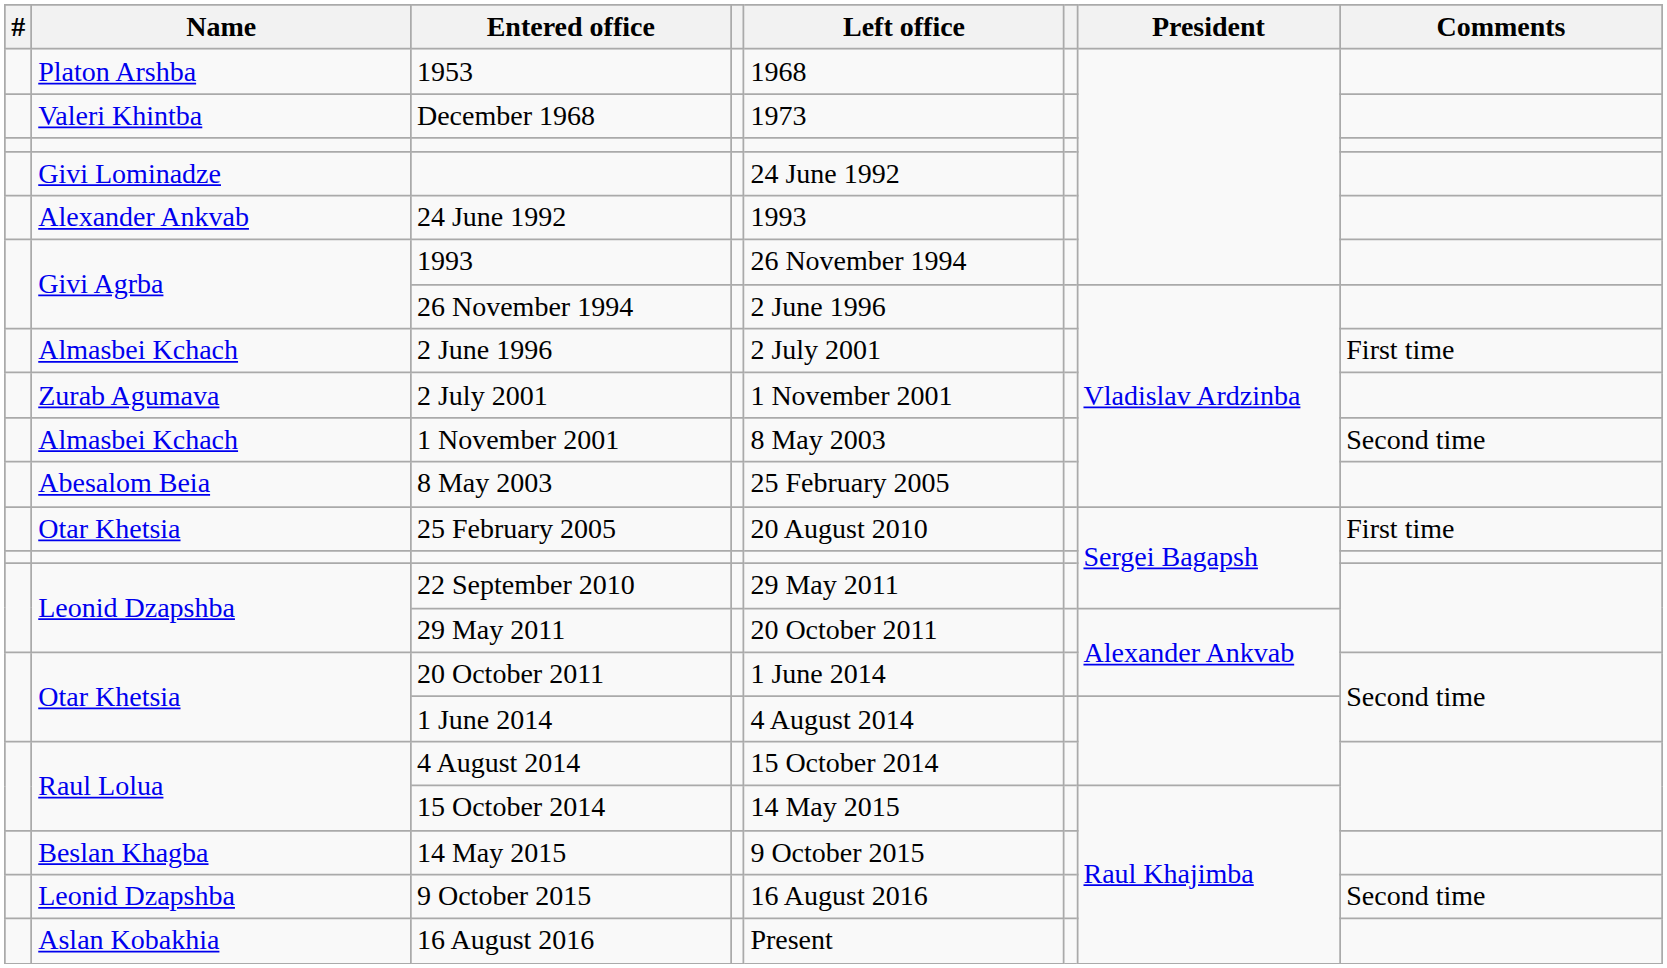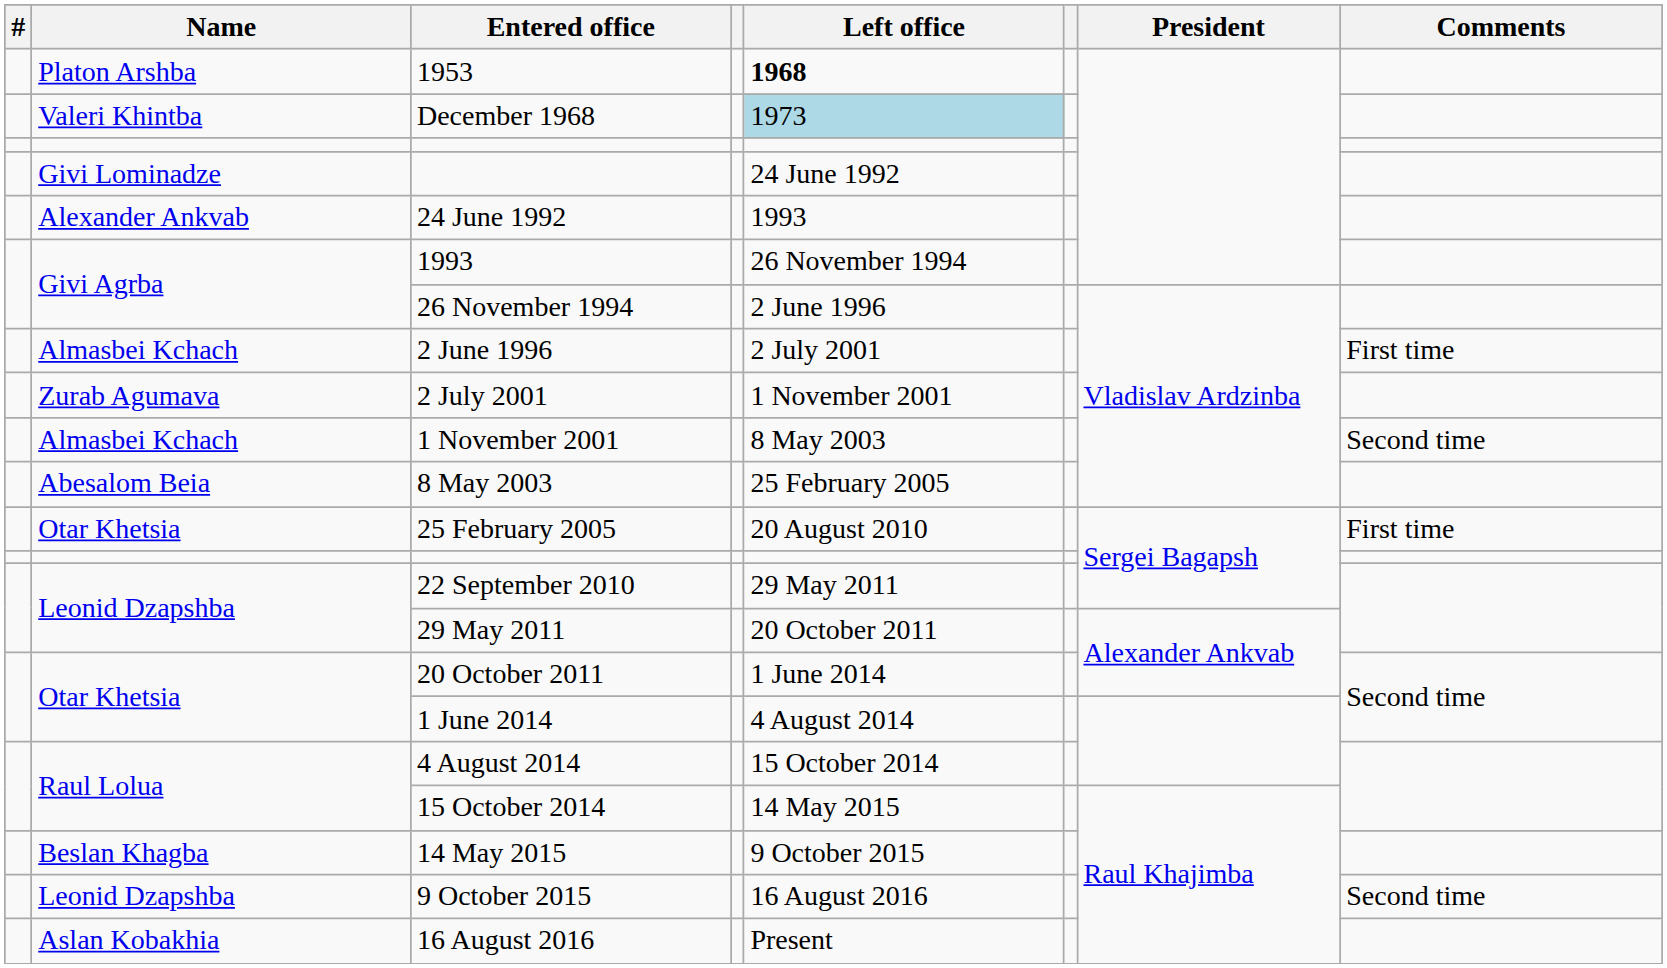 <table class="wikitable" width=75% cellpadding="2">
 <tr style="background-color:#E9E9E9; font-weight:bold" align=left>
 <th>#</th>
 <th width=240>Name</th>
 <th width=200>Entered office</th>
 <th></th>
 <th width=200>Left office</th>
 <th></th>
 <th width=160>President</th>
 <th width=200>Comments</th>
 </tr>
 <tr>
 <td></td>
 <td><a href='#'>Platon Arshba</a></td>
 <td>1953</td>
 <td></td>
-<td>1968</td>
+<td><strong>1968</strong></td>
 <td></td>
 <td rowspan=6></td>
 <td></td>
 </tr>
 <tr>
 <td></td>
 <td><a href='#'>Valeri Khintba</a></td>
 <td>December 1968</td>
 <td></td>
-<td>1973</td>
+<td style="background: lightblue;">1973</td>
 <td></td>
 <td></td>
 </tr>
 <tr>
 <td></td>
 <td></td>
 <td></td>
 <td></td>
 <td></td>
 <td></td>
 <td></td>
 </tr>
 <tr>
 <td></td>
 <td><a href='#'>Givi Lominadze</a></td>
 <td></td>
 <td></td>
 <td>24 June 1992</td>
 <td></td>
 <td></td>
 </tr>
 <tr>
 <td></td>
 <td><a href='#'>Alexander Ankvab</a></td>
 <td>24 June 1992</td>
 <td></td>
 <td>1993</td>
 <td></td>
 <td></td>
 </tr>
 <tr>
 <td rowspan=2></td>
 <td rowspan=2><a href='#'>Givi Agrba</a></td>
 <td>1993</td>
 <td></td>
 <td>26 November 1994</td>
 <td></td>
 <td></td>
 </tr>
 <tr>
 <td>26 November 1994</td>
 <td></td>
 <td>2 June 1996</td>
 <td></td>
 <td rowspan=5><a href='#'>Vladislav Ardzinba</a></td>
 <td></td>
 </tr>
 <tr>
 <td></td>
 <td><a href='#'>Almasbei Kchach</a></td>
 <td>2 June 1996</td>
 <td></td>
 <td>2 July 2001</td>
 <td></td>
 <td>First time</td>
 </tr>
 <tr>
 <td></td>
 <td><a href='#'>Zurab Agumava</a></td>
 <td>2 July 2001</td>
 <td></td>
 <td>1 November 2001</td>
 <td></td>
 <td></td>
 </tr>
 <tr>
 <td></td>
 <td><a href='#'>Almasbei Kchach</a></td>
 <td>1 November 2001</td>
 <td></td>
 <td>8 May 2003</td>
 <td></td>
 <td>Second time</td>
 </tr>
 <tr>
 <td></td>
 <td><a href='#'>Abesalom Beia</a></td>
 <td>8 May 2003</td>
 <td></td>
 <td>25 February 2005</td>
 <td></td>
 <td></td>
 </tr>
 <tr>
 <td></td>
 <td><a href='#'>Otar Khetsia</a></td>
 <td>25 February 2005</td>
 <td></td>
 <td>20 August 2010</td>
 <td></td>
 <td rowspan=3><a href='#'>Sergei Bagapsh</a></td>
 <td>First time</td>
 </tr>
 <tr>
 <td></td>
 <td><em></em></td>
 <td><em></em></td>
 <td><em></em></td>
 <td><em></em></td>
 <td><em></em></td>
 <td><em></em></td>
 </tr>
 <tr>
 <td rowspan=2></td>
 <td rowspan=2><a href='#'>Leonid Dzapshba</a></td>
 <td>22 September 2010</td>
 <td></td>
 <td>29 May 2011</td>
 <td></td>
 <td rowspan=2></td>
 </tr>
 <tr>
 <td>29 May 2011</td>
 <td></td>
 <td>20 October 2011</td>
 <td></td>
 <td rowspan=2><a href='#'>Alexander Ankvab</a></td>
 </tr>
 <tr>
 <td rowspan=2></td>
 <td rowspan=2><a href='#'>Otar Khetsia</a></td>
 <td>20 October 2011</td>
 <td></td>
 <td>1 June 2014</td>
 <td></td>
 <td rowspan=2>Second time</td>
 </tr>
 <tr>
 <td>1 June 2014</td>
 <td></td>
 <td>4 August 2014</td>
 <td></td>
 <td rowspan=2><em></em></td>
 </tr>
 <tr>
 <td rowspan=2></td>
 <td rowspan=2><a href='#'>Raul Lolua</a></td>
 <td>4 August 2014</td>
 <td></td>
 <td>15 October 2014</td>
 <td></td>
 <td rowspan=2></td>
 </tr>
 <tr>
 <td>15 October 2014</td>
 <td></td>
 <td>14 May 2015</td>
 <td></td>
 <td rowspan=4><a href='#'>Raul Khajimba</a></td>
 </tr>
 <tr>
 <td></td>
 <td><a href='#'>Beslan Khagba</a></td>
 <td>14 May 2015</td>
 <td></td>
 <td>9 October 2015</td>
 <td></td>
 <td></td>
 </tr>
 <tr>
 <td></td>
 <td><a href='#'>Leonid Dzapshba</a></td>
 <td>9 October 2015</td>
 <td></td>
 <td>16 August 2016</td>
 <td></td>
 <td>Second time</td>
 </tr>
 <tr>
 <td></td>
 <td><a href='#'>Aslan Kobakhia</a></td>
 <td>16 August 2016</td>
 <td></td>
 <td>Present</td>
 <td></td>
 <td></td>
 </tr>
 </table>
